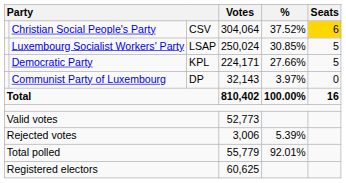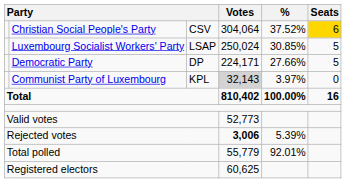 <table class="wikitable" border="1" style="text-align:right;">
 <tr>
 <th style="text-align:left;" valign=bottom colspan=3>Party</th>
 <th align=center valign=bottom width="50">Votes</th>
 <th align=center valign=bottom width="50">%</th>
 <th align=center>Seats</th>
 </tr>
 <tr>
 <td></td>
 <td align=left><a href='#'>Christian Social People's Party</a></td>
 <td align=left>CSV</td>
 <td>304,064</td>
 <td>37.52%</td>
 <td style="background: gold;">6</td>
 </tr>
 <tr>
 <td></td>
 <td align=left><a href='#'>Luxembourg Socialist Workers' Party</a></td>
 <td align=left>LSAP</td>
 <td>250,024</td>
 <td>30.85%</td>
 <td>5</td>
 </tr>
 <tr>
 <td></td>
 <td align=left><a href='#'>Democratic Party</a></td>
-<td align=left>KPL</td>
+<td align=left>DP</td>
 <td>224,171</td>
 <td>27.66%</td>
 <td>5</td>
 </tr>
 <tr>
 <td></td>
 <td align=left><a href='#'>Communist Party of Luxembourg</a></td>
-<td align=left>DP</td>
-<td>32,143</td>
+<td align=left>KPL</td>
+<td style="background: lightgrey;">32,143</td>
 <td>3.97%</td>
 <td>0</td>
 </tr>
 <tr style="font-weight:bold">
 <td align=left colspan=3>Total</td>
 <td>810,402</td>
 <td>100.00%</td>
 <td>16</td>
 </tr>
 <tr>
 <td colspan=6 height="2"></td>
 </tr>
 <tr>
 <td align=left colspan=3>Valid votes</td>
 <td>52,773</td>
 <td></td>
 <td></td>
 </tr>
 <tr>
 <td align=left colspan=3>Rejected votes</td>
-<td>3,006</td>
+<td><strong>3,006</strong></td>
 <td>5.39%</td>
 <td></td>
 </tr>
 <tr>
 <td align=left colspan=3>Total polled</td>
 <td>55,779</td>
 <td>92.01%</td>
 <td></td>
 </tr>
 <tr>
 <td align=left colspan=3>Registered electors</td>
 <td>60,625</td>
 <td></td>
 <td></td>
 </tr>
 </table>
